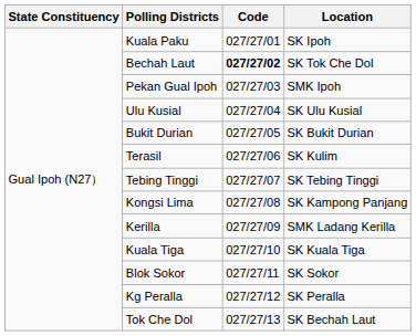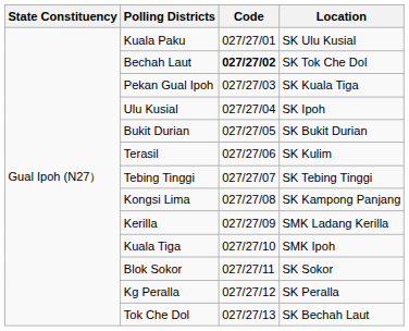 <table class="wikitable sortable mw-collapsible">
 <tr>
 <th><small>State Constituency</small></th>
 <th><small>Polling Districts</small></th>
 <th><small>Code</small></th>
 <th><small>Location</small></th>
 </tr>
 <tr>
 <td rowspan="13"><small>Gual Ipoh (N27）</small></td>
 <td><small>Kuala Paku</small></td>
 <td><small>027/27/01</small></td>
-<td><small>SK Ipoh</small></td>
+<td><small>SK Ulu Kusial</small></td>
 </tr>
 <tr>
 <td><small>Bechah Laut</small></td>
 <td><strong><small>027/27/02</small></strong></td>
 <td><small>SK Tok Che Dol</small></td>
 </tr>
 <tr>
 <td><small>Pekan Gual Ipoh</small></td>
 <td><small>027/27/03</small></td>
-<td><small>SMK Ipoh</small></td>
+<td><small>SK Kuala Tiga</small></td>
 </tr>
 <tr>
 <td><small>Ulu Kusial</small></td>
 <td><small>027/27/04</small></td>
-<td><small>SK Ulu Kusial</small></td>
+<td><small>SK Ipoh</small></td>
 </tr>
 <tr>
 <td><small>Bukit Durian</small></td>
 <td><small>027/27/05</small></td>
 <td><small>SK Bukit Durian</small></td>
 </tr>
 <tr>
 <td><small>Terasil</small></td>
 <td><small>027/27/06</small></td>
 <td><small>SK Kulim</small></td>
 </tr>
 <tr>
 <td><small>Tebing Tinggi</small></td>
 <td><small>027/27/07</small></td>
 <td><small>SK Tebing Tinggi</small></td>
 </tr>
 <tr>
 <td><small>Kongsi Lima</small></td>
 <td><small>027/27/08</small></td>
 <td><small>SK Kampong Panjang</small></td>
 </tr>
 <tr>
 <td><small>Kerilla</small></td>
 <td><small>027/27/09</small></td>
 <td><small>SMK Ladang Kerilla</small></td>
 </tr>
 <tr>
 <td><small>Kuala Tiga</small></td>
 <td><small>027/27/10</small></td>
-<td><small>SK Kuala Tiga</small></td>
+<td><small>SMK Ipoh</small></td>
 </tr>
 <tr>
 <td><small>Blok Sokor</small></td>
 <td><small>027/27/11</small></td>
 <td><small>SK Sokor</small></td>
 </tr>
 <tr>
 <td><small>Kg Peralla</small></td>
 <td><small>027/27/12</small></td>
 <td><small>SK Peralla</small></td>
 </tr>
 <tr>
 <td><small>Tok Che Dol</small></td>
 <td><small>027/27/13</small></td>
 <td><small>SK Bechah Laut</small></td>
 </tr>
 </table>
